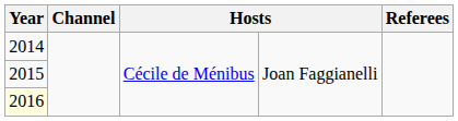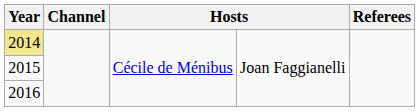 <table class="wikitable" style="text-align:center">
 <tr>
 <th scope=col>Year</th>
 <th scope=col>Channel</th>
 <th colspan="2" scope="col">Hosts</th>
 <th colspan="2">Referees</th>
 </tr>
 <tr  >
-<td>2014</td>
+<td style="background: khaki;">2014</td>
 <td rowspan="3"></td>
 <td rowspan="3"><a href='#'>Cécile de Ménibus</a></td>
 <td rowspan="3">Joan Faggianelli</td>
 <td rowspan="3"></td>
 </tr>
 <tr>
 <td>2015</td>
 </tr>
 <tr>
-<td style="background: lightyellow;">2016</td>
+<td>2016</td>
 </tr>
 </table>
